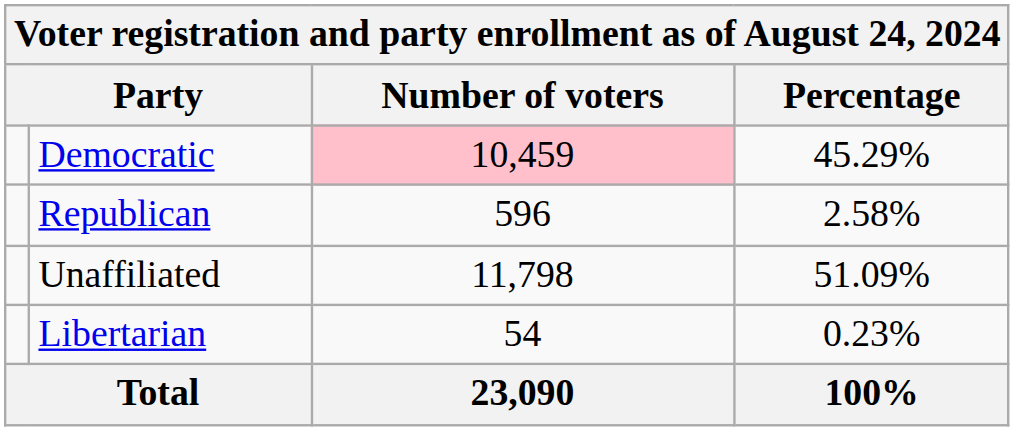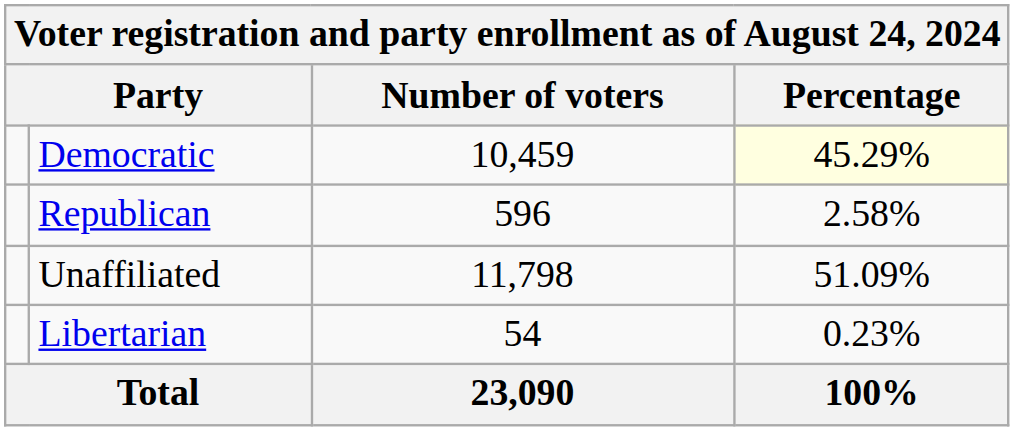 <table class=wikitable>
 <tr>
 <th colspan = 6>Voter registration and party enrollment as of August 24, 2024</th>
 </tr>
 <tr>
 <th colspan = 2>Party</th>
 <th>Number of voters</th>
 <th>Percentage</th>
 </tr>
 <tr>
 <td></td>
 <td><a href='#'>Democratic</a></td>
-<td style="background: pink; text-align:center;">10,459</td>
-<td style="text-align:center;">45.29%</td>
+<td style="text-align:center;">10,459</td>
+<td style="background: lightyellow; text-align:center;">45.29%</td>
 </tr>
 <tr>
 <td></td>
 <td><a href='#'>Republican</a></td>
 <td style="text-align:center;">596</td>
 <td style="text-align:center;">2.58%</td>
 </tr>
 <tr>
 <td></td>
 <td>Unaffiliated</td>
 <td style="text-align:center;">11,798</td>
 <td style="text-align:center;">51.09%</td>
 </tr>
 <tr>
 <td></td>
 <td><a href='#'>Libertarian</a></td>
 <td style="text-align:center;">54</td>
 <td style="text-align:center;">0.23%</td>
 </tr>
 <tr>
 <th colspan = 2>Total</th>
 <th style="text-align:center;">23,090</th>
 <th style="text-align:center;">100%</th>
 </tr>
 </table>
